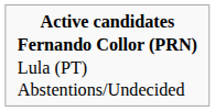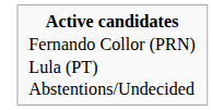 <table style="float; margin-left: 1em; margin-bottom: 0.5em" class="infobox">
 <tr>
 <td style="text-align: center"><span><strong>Active candidates</strong></span></td>
 </tr>
 <tr>
-<td style="padding: 0 5px;"><strong> Fernando Collor (PRN)</strong></td>
+<td style="padding: 0 5px;"> Fernando Collor (PRN)</td>
 </tr>
 <tr>
 <td style="padding: 0 5px;"> Lula (PT)</td>
 </tr>
 <tr>
 <td style="padding: 0 5px;"> Abstentions/Undecided</td>
 </tr>
 </table>
